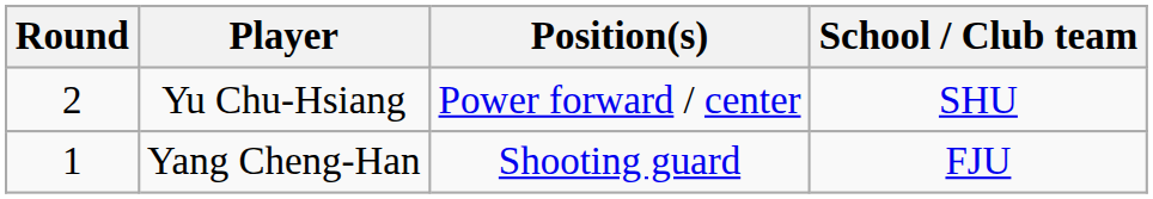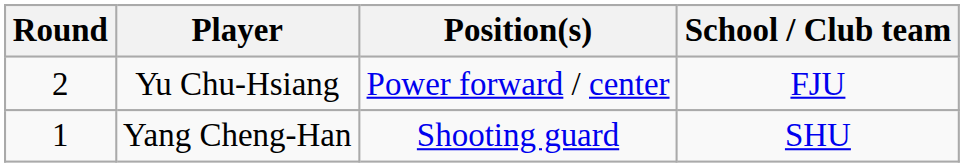 <table class="wikitable sortable sortable">
 <tr>
 <th>Round</th>
 <th>Player</th>
 <th>Position(s)</th>
 <th>School / Club team</th>
 </tr>
 <tr style="text-align: center">
 <td>2</td>
 <td>Yu Chu-Hsiang</td>
 <td><a href='#'>Power forward</a> / <a href='#'>center</a></td>
-<td><a href='#'>SHU</a></td>
+<td><a href='#'>FJU</a></td>
 </tr>
 <tr style="text-align: center">
 <td>1</td>
 <td>Yang Cheng-Han</td>
 <td><a href='#'>Shooting guard</a></td>
-<td><a href='#'>FJU</a></td>
+<td><a href='#'>SHU</a></td>
 </tr>
 </table>
